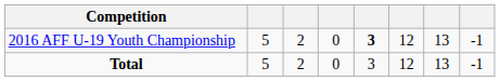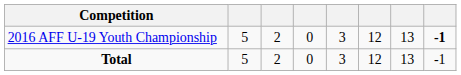 <table class="wikitable" style="text-align: center;">
 <tr>
 <th width=250>Competition</th>
 <th width=30></th>
 <th width=30></th>
 <th width=30></th>
 <th width=30></th>
 <th width=30></th>
 <th width=30></th>
 <th width=30></th>
 </tr>
 <tr>
 <td align=left><a href='#'>2016 AFF U-19 Youth Championship</a></td>
 <td>5</td>
 <td>2</td>
 <td>0</td>
-<td><strong>3</strong></td>
+<td>3</td>
 <td>12</td>
 <td>13</td>
-<td>-1</td>
+<td><strong>-1</strong></td>
 </tr>
 <tr>
 <td><strong>Total</strong></td>
 <td>5</td>
 <td>2</td>
 <td>0</td>
 <td>3</td>
 <td>12</td>
 <td>13</td>
 <td>-1</td>
 </tr>
 </table>
